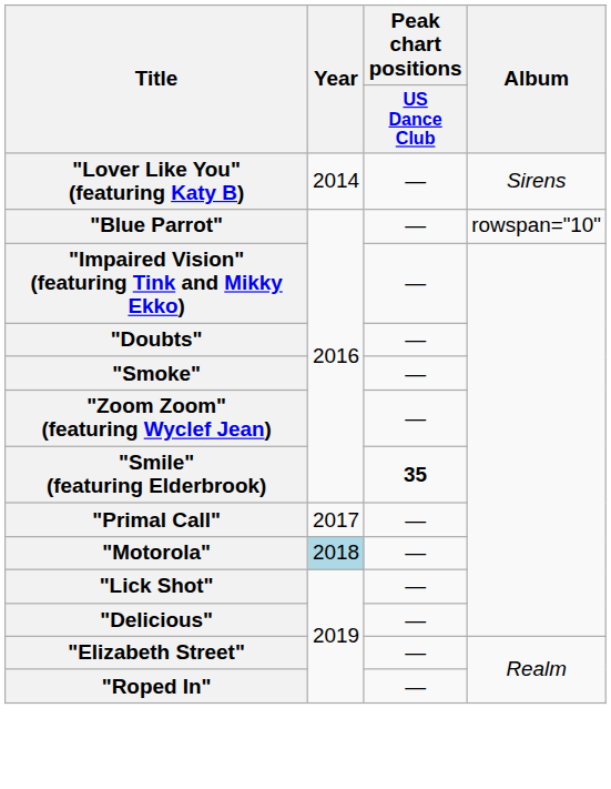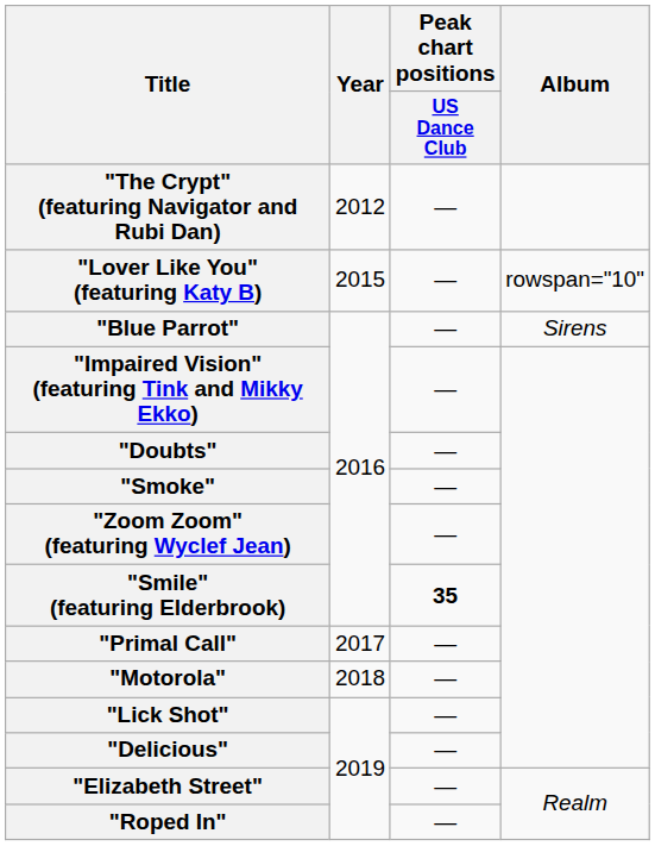 <table class="wikitable plainrowheaders" style="text-align:center;">
 <tr>
 <th scope="col" rowspan="2" style="width:14em;">Title</th>
 <th scope="col" rowspan="2" style="width:1em;">Year</th>
 <th scope="col" colspan="1">Peak chart positions</th>
 <th scope="col" rowspan="2">Album</th>
 </tr>
 <tr>
 <th scope="col" style="width:3em;font-size:85%;"><a href='#'>US<br>Dance<br>Club</a><br></th>
 </tr>
 <tr>
+<th scope="row">"The Crypt"<br><span>(featuring Navigator and Rubi Dan)</span></th>
+<td>2012</td>
+<td>—</td>
+<td></td>
+</tr>
+<tr>
 <th scope="row">"Lover Like You"<br><span>(featuring <a href='#'>Katy B</a>)</span></th>
-<td>2014</td>
+<td>2015</td>
 <td>—</td>
-<td><em>Sirens</em></td>
+<td>rowspan="10" </td>
 </tr>
 <tr>
 <th scope="row">"Blue Parrot"</th>
 <td rowspan="6">2016</td>
 <td>—</td>
-<td>rowspan="10" </td>
+<td><em>Sirens</em></td>
 </tr>
 <tr>
 <th scope="row">"Impaired Vision"<br><span>(featuring <a href='#'>Tink</a> and <a href='#'>Mikky Ekko</a>)</span></th>
 <td>—</td>
 </tr>
 <tr>
 <th scope="row">"Doubts"</th>
 <td>—</td>
 </tr>
 <tr>
 <th scope="row">"Smoke"</th>
 <td>—</td>
 </tr>
 <tr>
 <th scope="row">"Zoom Zoom"<br><span>(featuring <a href='#'>Wyclef Jean</a>)</span></th>
 <td>—</td>
 </tr>
 <tr>
 <th scope="row">"Smile"<br><span>(featuring Elderbrook)</span></th>
 <td><strong>35</strong></td>
 </tr>
 <tr>
 <th scope="row">"Primal Call"</th>
 <td>2017</td>
 <td>—</td>
 </tr>
 <tr>
 <th scope="row">"Motorola"</th>
-<td style="background: lightblue;">2018</td>
+<td>2018</td>
 <td>—</td>
 </tr>
 <tr>
 <th scope="row">"Lick Shot"</th>
 <td rowspan="4">2019</td>
 <td>—</td>
 </tr>
 <tr>
 <th scope="row">"Delicious"</th>
 <td>—</td>
 </tr>
 <tr>
 <th scope="row">"Elizabeth Street"</th>
 <td>—</td>
 <td rowspan="2"><em>Realm</em></td>
 </tr>
 <tr>
 <th scope="row">"Roped In"</th>
 <td>—</td>
 </tr>
 </table>
